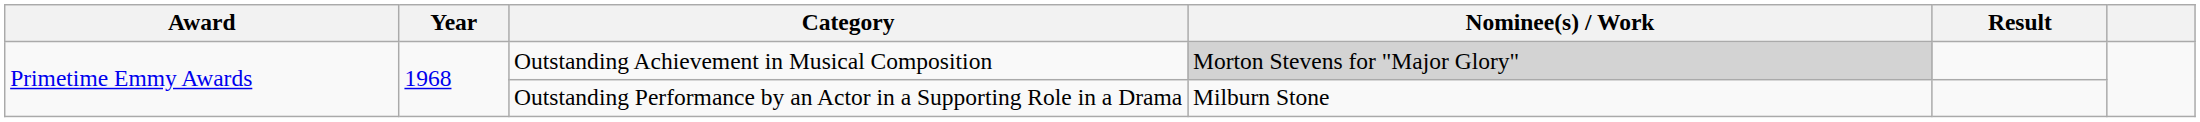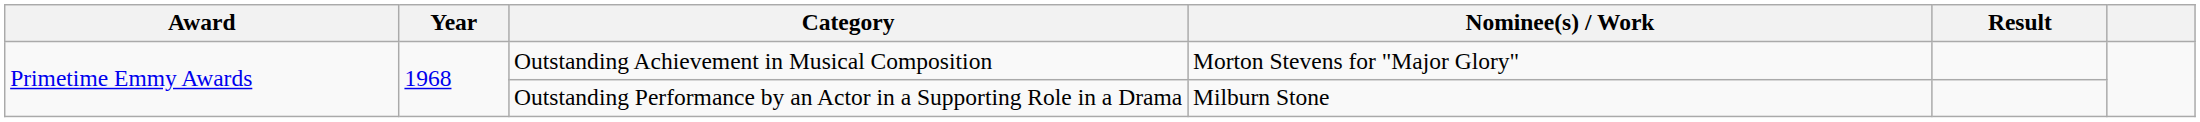 <table class="wikitable sortable plainrowheaders">
 <tr>
 <th scope="col" style="width:18%;">Award</th>
 <th scope="col" style="width:5%;">Year</th>
 <th scope="col" style="width:31%;">Category</th>
 <th scope="col" style="width:34%;">Nominee(s) / Work</th>
 <th scope="col" style="width:8%;">Result</th>
 <th scope="col" style="width:4%;" class="unsortable"></th>
 </tr>
 <tr>
 <td rowspan="2"><a href='#'>Primetime Emmy Awards</a></td>
 <td rowspan="2"><a href='#'>1968</a></td>
 <td>Outstanding Achievement in Musical Composition</td>
-<td style="background: lightgrey;">Morton Stevens for "Major Glory"</td>
+<td>Morton Stevens for "Major Glory"</td>
 <td></td>
 <td rowspan="2"></td>
 </tr>
 <tr>
 <td>Outstanding Performance by an Actor in a Supporting Role in a Drama</td>
 <td>Milburn Stone</td>
 <td></td>
 </tr>
 </table>
